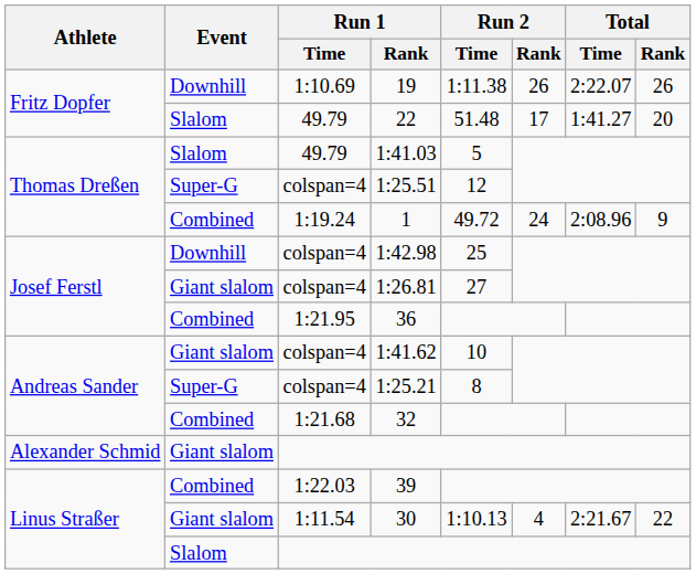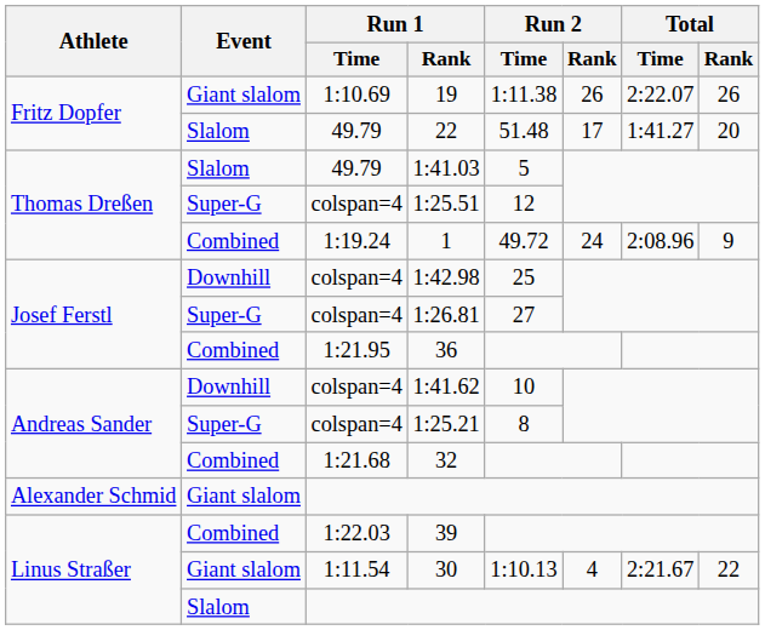 <table class="wikitable" style="font-size:90%">
 <tr>
 <th rowspan=2>Athlete</th>
 <th rowspan=2>Event</th>
 <th colspan=2>Run 1</th>
 <th colspan=2>Run 2</th>
 <th colspan=2>Total</th>
 </tr>
 <tr style="font-size:95%">
 <th>Time</th>
 <th>Rank</th>
 <th>Time</th>
 <th>Rank</th>
 <th>Time</th>
 <th>Rank</th>
 </tr>
 <tr align=center>
 <td align=left rowspan=2><a href='#'>Fritz Dopfer</a></td>
-<td align=left><a href='#'>Downhill</a></td>
+<td align=left><a href='#'>Giant slalom</a></td>
 <td>1:10.69</td>
 <td>19</td>
 <td>1:11.38</td>
 <td>26</td>
 <td>2:22.07</td>
 <td>26</td>
 </tr>
 <tr align=center>
 <td align=left><a href='#'>Slalom</a></td>
 <td>49.79</td>
 <td>22</td>
 <td>51.48</td>
 <td>17</td>
 <td>1:41.27</td>
 <td>20</td>
 </tr>
 <tr align=center>
 <td align=left rowspan=3><a href='#'>Thomas Dreßen</a></td>
 <td align=left><a href='#'>Slalom</a></td>
 <td>49.79</td>
 <td>1:41.03</td>
 <td>5</td>
 </tr>
 <tr align=center>
 <td align=left><a href='#'>Super-G</a></td>
 <td>colspan=4</td>
 <td>1:25.51</td>
 <td>12</td>
 </tr>
 <tr align=center>
 <td align=left><a href='#'>Combined</a></td>
 <td>1:19.24</td>
 <td>1</td>
 <td>49.72</td>
 <td>24</td>
 <td>2:08.96</td>
 <td>9</td>
 </tr>
 <tr align=center>
 <td align=left rowspan=3><a href='#'>Josef Ferstl</a></td>
 <td align=left><a href='#'>Downhill</a></td>
 <td>colspan=4</td>
 <td>1:42.98</td>
 <td>25</td>
 </tr>
 <tr align=center>
-<td align=left><a href='#'>Giant slalom</a></td>
+<td align=left><a href='#'>Super-G</a></td>
 <td>colspan=4</td>
 <td>1:26.81</td>
 <td>27</td>
 </tr>
 <tr align=center>
 <td align=left><a href='#'>Combined</a></td>
 <td>1:21.95</td>
 <td>36</td>
 <td colspan=2></td>
 <td colspan=2></td>
 </tr>
 <tr align=center>
 <td align=left rowspan=3><a href='#'>Andreas Sander</a></td>
-<td align=left><a href='#'>Giant slalom</a></td>
+<td align=left><a href='#'>Downhill</a></td>
 <td>colspan=4</td>
 <td>1:41.62</td>
 <td>10</td>
 </tr>
 <tr align=center>
 <td align=left><a href='#'>Super-G</a></td>
 <td>colspan=4</td>
 <td>1:25.21</td>
 <td>8</td>
 </tr>
 <tr align=center>
 <td align=left><a href='#'>Combined</a></td>
 <td>1:21.68</td>
 <td>32</td>
 <td colspan=2></td>
 <td colspan=2></td>
 </tr>
 <tr align=center>
 <td align=left><a href='#'>Alexander Schmid</a></td>
 <td align=left><a href='#'>Giant slalom</a></td>
 <td colspan=6></td>
 </tr>
 <tr align=center>
 <td align=left rowspan=3><a href='#'>Linus Straßer</a></td>
 <td align=left><a href='#'>Combined</a></td>
 <td>1:22.03</td>
 <td>39</td>
 <td colspan=4></td>
 </tr>
 <tr align=center>
 <td align=left><a href='#'>Giant slalom</a></td>
 <td>1:11.54</td>
 <td>30</td>
 <td>1:10.13</td>
 <td>4</td>
 <td>2:21.67</td>
 <td>22</td>
 </tr>
 <tr align=center>
 <td align=left><a href='#'>Slalom</a></td>
 <td colspan=6></td>
 </tr>
 </table>
